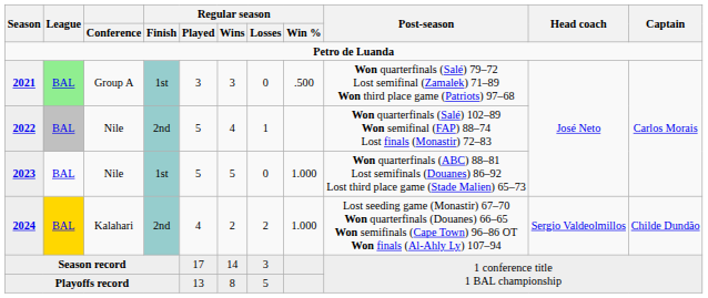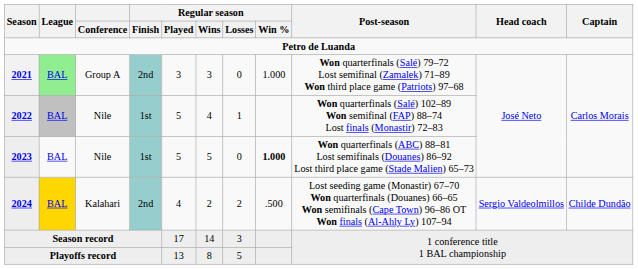 <table class="wikitable" style="font-size:95%; text-align:center">
 <tr>
 <th rowspan="2">Season</th>
 <th rowspan="2">League</th>
 <th></th>
 <th colspan="5">Regular season</th>
 <th rowspan="2">Post-season</th>
 <th rowspan="2">Head coach</th>
 <th rowspan="2">Captain</th>
 </tr>
 <tr>
 <th>Conference</th>
 <th>Finish</th>
 <th>Played</th>
 <th>Wins</th>
 <th>Losses</th>
 <th>Win %</th>
 </tr>
 <tr>
 <td colspan="11" align="center"><strong>Petro de Luanda</strong></td>
 </tr>
 <tr>
 <th><a href='#'>2021</a></th>
 <td style="background: lightgreen;"><a href='#'>BAL</a></td>
 <td>Group A</td>
-<td style="text-align:center;background-color:#96CDCD;">1st</td>
+<td style="text-align:center;background-color:#96CDCD;">2nd</td>
 <td>3</td>
 <td>3</td>
 <td>0</td>
-<td style="text-align:center;">.500</td>
+<td>1.000</td>
 <td><strong>Won</strong> quarterfinals (<a href='#'>Salé</a>) 79–72<br>Lost semifinal (<a href='#'>Zamalek</a>) 71–89<br><strong>Won</strong> third place game (<a href='#'>Patriots</a>) 97–68</td>
 <td rowspan="3"><a href='#'>José Neto</a></td>
 <td rowspan="3"><a href='#'>Carlos Morais</a></td>
 </tr>
 <tr>
 <th style="background:#eee;"><a href='#'>2022</a></th>
 <td style="text-align:center;" bgcolor=silver><a href='#'>BAL</a></td>
 <td>Nile</td>
-<td style="text-align:center;background-color:#96CDCD;">2nd</td>
+<td style="text-align:center;background-color:#96CDCD;">1st</td>
 <td style="text-align:center;">5</td>
 <td style="text-align:center;">4</td>
 <td style="text-align:center;">1</td>
 <td style="text-align:center;"></td>
 <td style="text-align:center;background-color: ;"><strong>Won</strong> quarterfinals (<a href='#'>Salé</a>) 102–89<br><strong>Won</strong> semifinal (<a href='#'>FAP</a>) 88–74<br>Lost <a href='#'>finals</a> (<a href='#'>Monastir</a>) 72–83</td>
 </tr>
 <tr>
 <th style="background:#eee;"><a href='#'>2023</a></th>
 <td style="text-align:center;"><a href='#'>BAL</a></td>
 <td>Nile</td>
 <td style="text-align:center;background-color:#96CDCD;">1st</td>
 <td style="text-align:center;">5</td>
 <td style="text-align:center;">5</td>
 <td style="text-align:center;">0</td>
-<td style="text-align:center;">1.000</td>
+<td style="text-align:center;"><strong>1.000</strong></td>
 <td style="text-align:center;"><strong>Won</strong> quarterfinals (<a href='#'>ABC</a>) 88–81<br>Lost semifinals (<a href='#'>Douanes</a>) 86–92<br>Lost third place game (<a href='#'>Stade Malien</a>) 65–73</td>
 </tr>
 <tr>
 <th style="background:#eee;"><a href='#'>2024</a></th>
 <td style="text-align:center;" bgcolor="gold"><a href='#'>BAL</a></td>
 <td>Kalahari</td>
 <td style="text-align:center;background-color:#96CDCD;">2nd</td>
 <td style="text-align:center;">4</td>
 <td style="text-align:center;">2</td>
 <td style="text-align:center;">2</td>
-<td>1.000</td>
+<td style="text-align:center;">.500</td>
 <td style="text-align:center;background-color: ;">Lost seeding game (Monastir) 67–70<br><strong>Won</strong> quarterfinals (Douanes) 66–65<br><strong>Won</strong> semifinals (<a href='#'>Cape Town</a>) 96–86 OT<br><strong>Won</strong> <a href='#'>finals</a> (<a href='#'>Al-Ahly Ly</a>) 107–94</td>
 <td><a href='#'>Sergio Valdeolmillos</a></td>
 <td><a href='#'>Childe Dundão</a></td>
 </tr>
 <tr>
 <th colspan="4" style="background:#eee;">Season record</th>
 <td style="background:#eee;">17</td>
 <td style="background:#eee;">14</td>
 <td style="background:#eee;">3</td>
 <td style="background:#eee;"></td>
 <td colspan="3" rowspan="2" style="background:#eee;">1 conference title<br>1 BAL championship</td>
 </tr>
 <tr>
 <th colspan="4" style="background:#eee;">Playoffs record</th>
 <td style="background:#eee;">13</td>
 <td style="background:#eee;">8</td>
 <td style="background:#eee;">5</td>
 <td style="background:#eee;"></td>
 </tr>
 </table>
